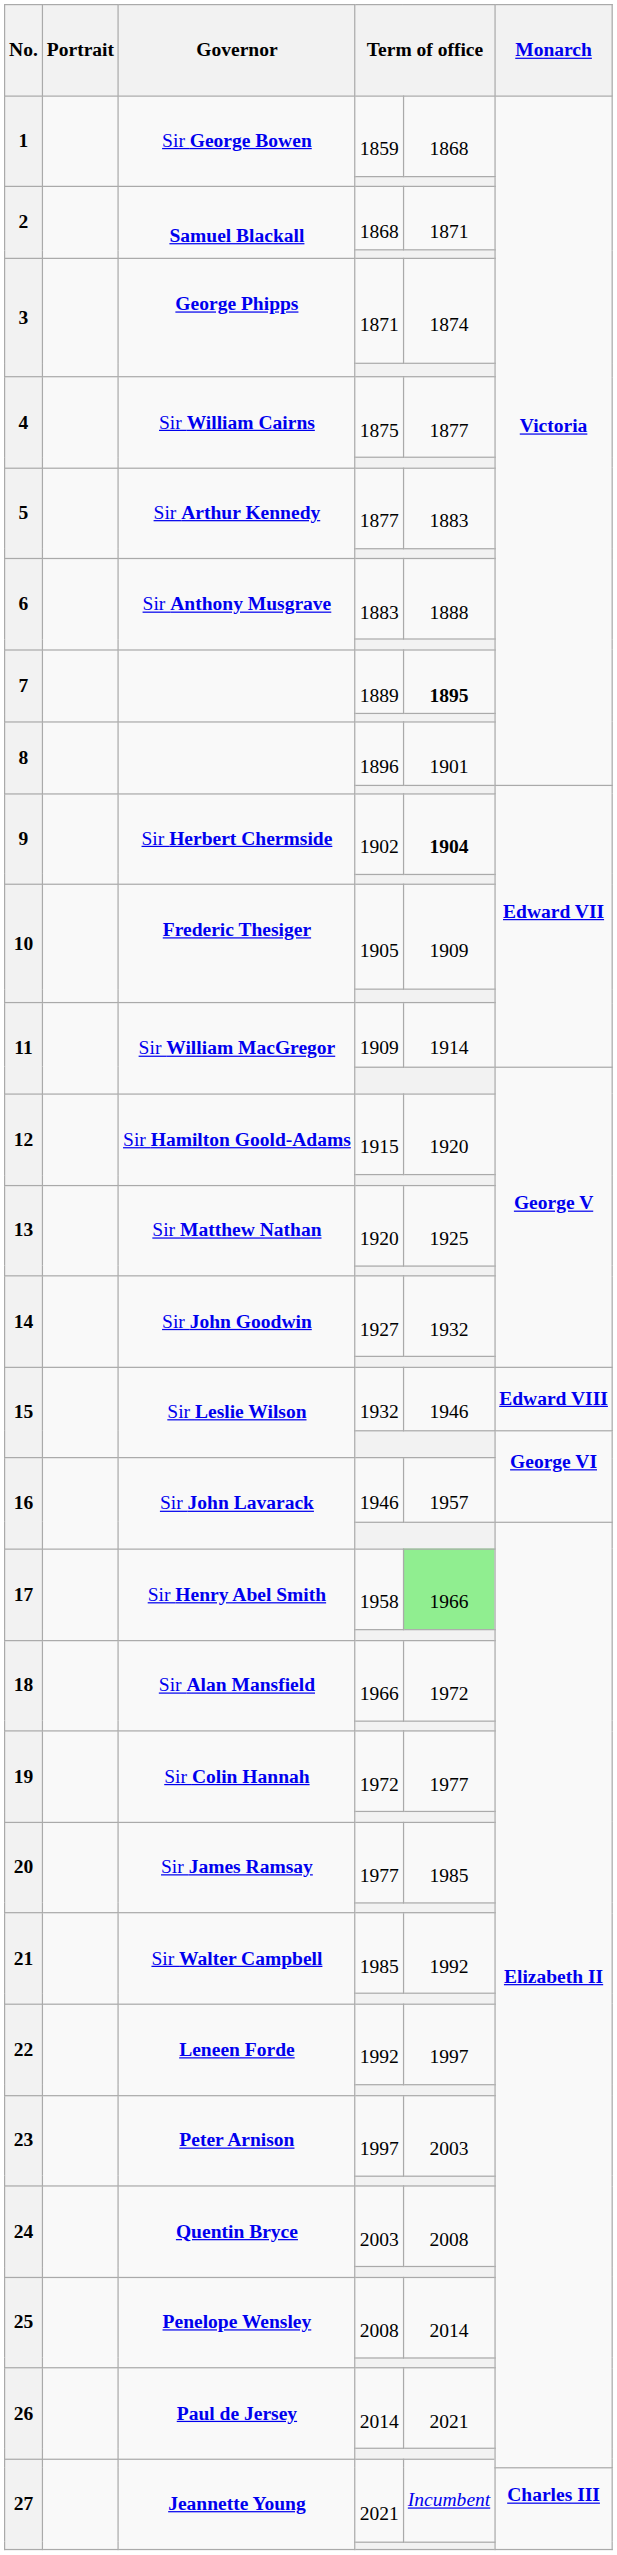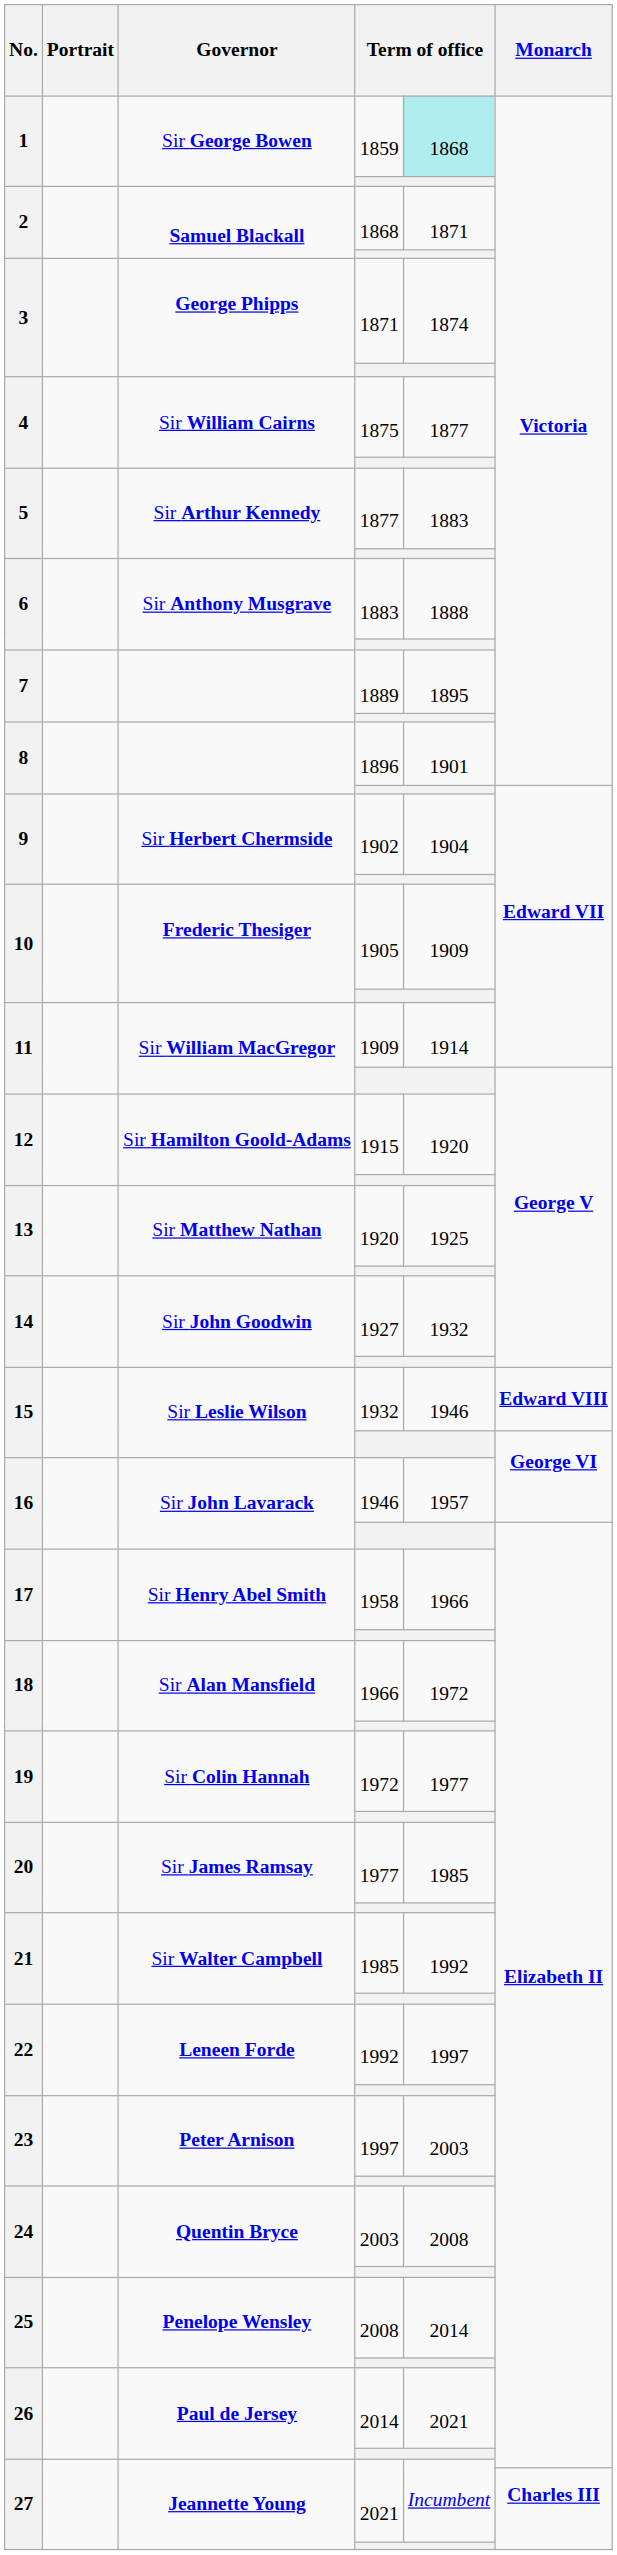 <table class="wikitable" style="line-height:1.4em; text-align:center">
 <tr>
 <th scope="col">No.</th>
 <th scope="col">Portrait</th>
 <th scope="col"><br>Governor<br><br></th>
 <th colspan="2" scope="col">Term of office</th>
 <th scope="col"><a href='#'>Monarch</a></th>
 </tr>
 <tr>
 <th rowspan="2">1</th>
 <td rowspan="2"></td>
 <td rowspan="2"><br><a href='#'>Sir <strong>George Bowen</strong></a><br><br></td>
 <td><br>1859</td>
-<td><br>1868</td>
+<td style="background: paleturquoise;"><br>1868</td>
 <td rowspan="15"><strong><a href='#'>Victoria</a></strong><br><br></td>
 </tr>
 <tr>
 <th colspan=2 style="font-size:90%; font-weight:normal"></th>
 </tr>
 <tr>
 <th rowspan="2">2</th>
 <td rowspan="2"></td>
 <td rowspan="2"><br><strong><a href='#'>Samuel Blackall</a></strong><br></td>
 <td><br>1868</td>
 <td><br>1871</td>
 </tr>
 <tr>
 <th colspan=2 style="font-size:90%; font-weight:normal"></th>
 </tr>
 <tr>
 <th rowspan="2">3</th>
 <td rowspan="2"></td>
 <td rowspan="2"><br><a href='#'><strong>George Phipps</strong></a><br><br><br></td>
 <td><br>1871</td>
 <td><br>1874</td>
 </tr>
 <tr>
 <th colspan=2 style="font-size:90%; font-weight:normal"></th>
 </tr>
 <tr>
 <th rowspan="2">4</th>
 <td rowspan="2"></td>
 <td rowspan="2"><br><a href='#'>Sir <strong>William Cairns</strong></a><br><br></td>
 <td><br>1875</td>
 <td><br>1877</td>
 </tr>
 <tr>
 <th colspan=2 style="font-size:90%; font-weight:normal"></th>
 </tr>
 <tr>
 <th rowspan="2">5</th>
 <td rowspan="2"></td>
 <td rowspan="2"><br><a href='#'>Sir <strong>Arthur Kennedy</strong></a><br><br></td>
 <td><br>1877</td>
 <td><br>1883</td>
 </tr>
 <tr>
 <th colspan=2 style="font-size:90%; font-weight:normal"></th>
 </tr>
 <tr>
 <th rowspan="2">6</th>
 <td rowspan="2"></td>
 <td rowspan="2"><br><a href='#'>Sir <strong>Anthony Musgrave</strong></a><br><br></td>
 <td><br>1883</td>
 <td><br>1888</td>
 </tr>
 <tr>
 <th colspan=2 style="font-size:90%; font-weight:normal"></th>
 </tr>
 <tr>
 <th rowspan="2">7</th>
 <td rowspan="2"></td>
 <td rowspan="2"><br><br></td>
 <td><br>1889</td>
-<td><strong><br>1895</strong></td>
+<td><br>1895</td>
 </tr>
 <tr>
 <th colspan=2 style="font-size:90%; font-weight:normal"></th>
 </tr>
 <tr>
 <th rowspan="2">8</th>
 <td rowspan="2"></td>
 <td rowspan="2"><br><br></td>
 <td><br>1896</td>
 <td><br>1901</td>
 </tr>
 <tr>
 <th colspan=2 style="font-size:90%; font-weight:normal"></th>
 <td rowspan="6"><strong><a href='#'>Edward VII</a></strong><br><br></td>
 </tr>
 <tr>
 <th rowspan="2">9</th>
 <td rowspan="2"></td>
 <td rowspan="2"><br><a href='#'>Sir <strong>Herbert Chermside</strong></a><br><br></td>
 <td><br>1902</td>
-<td><strong><br>1904</strong></td>
+<td><br>1904</td>
 </tr>
 <tr>
 <th colspan=2 style="font-size:90%; font-weight:normal"></th>
 </tr>
 <tr>
 <th rowspan="2">10</th>
 <td rowspan="2"></td>
 <td rowspan="2"><br><a href='#'><strong>Frederic Thesiger</strong></a><br><br><br></td>
 <td><br>1905</td>
 <td><br>1909</td>
 </tr>
 <tr>
 <th colspan=2 style="font-size:90%; font-weight:normal"></th>
 </tr>
 <tr>
 <th rowspan="2">11</th>
 <td rowspan="2"></td>
 <td rowspan="2"><br><a href='#'>Sir <strong>William MacGregor</strong></a><br><br></td>
 <td><br>1909</td>
 <td><br>1914</td>
 </tr>
 <tr>
 <th colspan=2 style="font-size:90%; font-weight:normal"></th>
 <td rowspan="7"><strong><a href='#'>George V</a></strong><br><br></td>
 </tr>
 <tr>
 <th rowspan="2">12</th>
 <td rowspan="2"></td>
 <td rowspan="2"><br><a href='#'>Sir <strong>Hamilton Goold-Adams</strong></a><br><br></td>
 <td><br>1915</td>
 <td><br>1920</td>
 </tr>
 <tr>
 <th colspan=2 style="font-size:90%; font-weight:normal"></th>
 </tr>
 <tr>
 <th rowspan="2">13</th>
 <td rowspan="2"></td>
 <td rowspan="2"><br><a href='#'>Sir <strong>Matthew Nathan</strong></a><br><br></td>
 <td><br>1920</td>
 <td><br>1925</td>
 </tr>
 <tr>
 <th colspan=2 style="font-size:90%; font-weight:normal"></th>
 </tr>
 <tr>
 <th rowspan="2">14</th>
 <td rowspan="2"></td>
 <td rowspan="2"><br><a href='#'>Sir <strong>John Goodwin</strong></a><br><br></td>
 <td><br>1927</td>
 <td><br>1932</td>
 </tr>
 <tr>
 <th colspan=2 style="font-size:90%; font-weight:normal"></th>
 </tr>
 <tr>
 <th rowspan="2">15</th>
 <td rowspan="2"></td>
 <td rowspan="2"><br><a href='#'>Sir <strong>Leslie Wilson</strong></a><br><br></td>
 <td><br>1932</td>
 <td><br>1946</td>
 <td><strong><a href='#'>Edward VIII</a></strong><br></td>
 </tr>
 <tr>
 <th colspan=2 style="font-size:90%; font-weight:normal"></th>
 <td rowspan="2"><strong><a href='#'>George VI</a></strong><br><br></td>
 </tr>
 <tr>
 <th rowspan="2">16</th>
 <td rowspan="2"></td>
 <td rowspan="2"><br><a href='#'>Sir <strong>John Lavarack</strong></a><br><br></td>
 <td><br>1946</td>
 <td><br>1957</td>
 </tr>
 <tr>
 <th colspan=2 style="font-size:90%; font-weight:normal"></th>
 <td rowspan="21" style="border-style: solid solid none solid ;"><strong><a href='#'>Elizabeth II</a></strong><br><br></td>
 </tr>
 <tr>
 <th rowspan="2">17</th>
 <td rowspan="2"></td>
 <td rowspan="2"><br><a href='#'>Sir <strong>Henry Abel Smith</strong></a><br><br></td>
 <td><br>1958</td>
-<td style="background: lightgreen;"><br>1966</td>
+<td><br>1966</td>
 </tr>
 <tr>
 <th colspan=2 style="font-size:90%; font-weight:normal"></th>
 </tr>
 <tr>
 <th rowspan="2">18</th>
 <td rowspan="2"></td>
 <td rowspan="2"><br><a href='#'>Sir <strong>Alan Mansfield</strong></a><br><br></td>
 <td><br>1966</td>
 <td><br>1972</td>
 </tr>
 <tr>
 <th colspan=2 style="font-size:90%; font-weight:normal"></th>
 </tr>
 <tr>
 <th rowspan="2">19</th>
 <td rowspan="2"></td>
 <td rowspan="2"><br><a href='#'>Sir <strong>Colin Hannah</strong></a><br><br></td>
 <td><br>1972</td>
 <td><br>1977</td>
 </tr>
 <tr>
 <th colspan=2 style="font-size:90%; font-weight:normal"></th>
 </tr>
 <tr>
 <th rowspan="2">20</th>
 <td rowspan="2"></td>
 <td rowspan="2"><br><a href='#'>Sir <strong>James Ramsay</strong></a><br><br></td>
 <td><br>1977</td>
 <td><br>1985</td>
 </tr>
 <tr>
 <th colspan=2 style="font-size:90%; font-weight:normal"></th>
 </tr>
 <tr>
 <th rowspan="2">21</th>
 <td rowspan="2"></td>
 <td rowspan="2"><br><a href='#'>Sir <strong>Walter Campbell</strong></a><br><br></td>
 <td><br>1985</td>
 <td><br>1992</td>
 </tr>
 <tr>
 <th colspan=2 style="font-size:90%; font-weight:normal"></th>
 </tr>
 <tr>
 <th rowspan="2">22</th>
 <td rowspan="2"></td>
 <td rowspan="2"><br><strong><a href='#'>Leneen Forde</a></strong><br><br></td>
 <td><br>1992</td>
 <td><br>1997</td>
 </tr>
 <tr>
 <th colspan=2 style="font-size:90%; font-weight:normal"></th>
 </tr>
 <tr>
 <th rowspan="2">23</th>
 <td rowspan="2"></td>
 <td rowspan="2"><br><strong><a href='#'>Peter Arnison</a></strong><br><br></td>
 <td><br>1997</td>
 <td><br>2003</td>
 </tr>
 <tr>
 <th colspan=2 style="font-size:90%; font-weight:normal"></th>
 </tr>
 <tr>
 <th rowspan="2">24</th>
 <td rowspan="2"></td>
 <td rowspan="2"><br><strong><a href='#'>Quentin Bryce</a></strong><br><br></td>
 <td><br>2003</td>
 <td><br>2008</td>
 </tr>
 <tr>
 <th colspan=2 style="font-size:90%; font-weight:normal"></th>
 </tr>
 <tr>
 <th rowspan="2">25</th>
 <td rowspan="2"></td>
 <td rowspan="2"><br><strong><a href='#'>Penelope Wensley</a></strong><br><br></td>
 <td><br>2008</td>
 <td><br>2014</td>
 </tr>
 <tr>
 <th colspan=2 style="font-size:90%; font-weight:normal"></th>
 </tr>
 <tr>
 <th rowspan="2">26</th>
 <td rowspan="2"></td>
 <td rowspan="2"><br><strong><a href='#'>Paul de Jersey</a></strong><br><br></td>
 <td><br>2014</td>
 <td><br>2021</td>
 </tr>
 <tr>
 <th colspan=2 style="font-size:90%; font-weight:normal"></th>
 </tr>
 <tr>
 <th rowspan="3">27</th>
 <td rowspan="3"></td>
 <td rowspan="3"><br><strong><a href='#'>Jeannette Young</a></strong><br><br></td>
 <td rowspan="2"><br>2021</td>
 <td rowspan="2"><em><a href='#'>Incumbent</a></em></td>
 <td style="border-style: none solid solid solid ;"></td>
 </tr>
 <tr>
 <td rowspan="2"><strong><a href='#'>Charles III</a></strong><br><br></td>
 </tr>
 <tr>
 <th colspan=2 style="font-size:90%; font-weight:normal"></th>
 </tr>
 </table>
